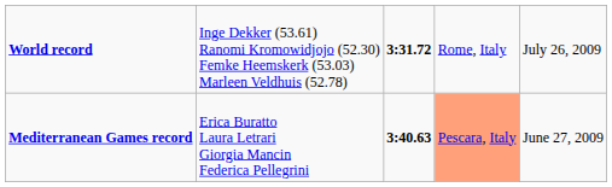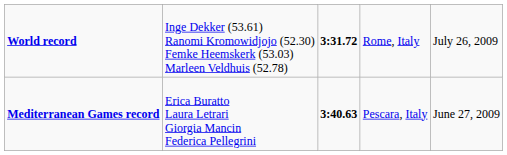 <table class="wikitable">
 <tr>
 <td><strong><a href='#'>World record</a></strong></td>
 <td><br><a href='#'>Inge Dekker</a> (53.61)<br><a href='#'>Ranomi Kromowidjojo</a> (52.30)<br><a href='#'>Femke Heemskerk</a> (53.03)<br><a href='#'>Marleen Veldhuis</a> (52.78)</td>
 <td><strong>3:31.72</strong></td>
 <td><a href='#'>Rome</a>, <a href='#'>Italy</a></td>
 <td>July 26, 2009</td>
 </tr>
 <tr>
 <td><strong><a href='#'>Mediterranean Games record</a></strong></td>
 <td><br><a href='#'>Erica Buratto</a><br><a href='#'>Laura Letrari</a><br><a href='#'>Giorgia Mancin</a><br><a href='#'>Federica Pellegrini</a></td>
 <td><strong>3:40.63</strong></td>
-<td style="background: lightsalmon;"><a href='#'>Pescara</a>, <a href='#'>Italy</a></td>
+<td><a href='#'>Pescara</a>, <a href='#'>Italy</a></td>
 <td>June 27, 2009</td>
 </tr>
 </table>
